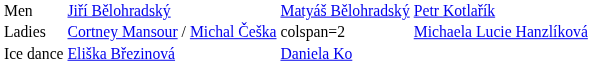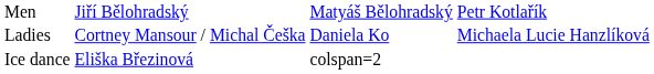 <table>
 <tr>
 <td>Men</td>
 <td><a href='#'>Jiří Bělohradský</a></td>
 <td><a href='#'>Matyáš Bělohradský</a></td>
 <td><a href='#'>Petr Kotlařík</a></td>
 </tr>
 <tr>
 <td>Ladies</td>
 <td><a href='#'>Cortney Mansour</a> / <a href='#'>Michal Češka</a></td>
-<td>colspan=2 </td>
+<td><a href='#'>Daniela Ko</a></td>
 <td><a href='#'>Michaela Lucie Hanzlíková</a></td>
 </tr>
 <tr>
 <td>Ice dance</td>
 <td><a href='#'>Eliška Březinová</a></td>
-<td><a href='#'>Daniela Ko</a></td>
+<td>colspan=2 </td>
 </tr>
 </table>
